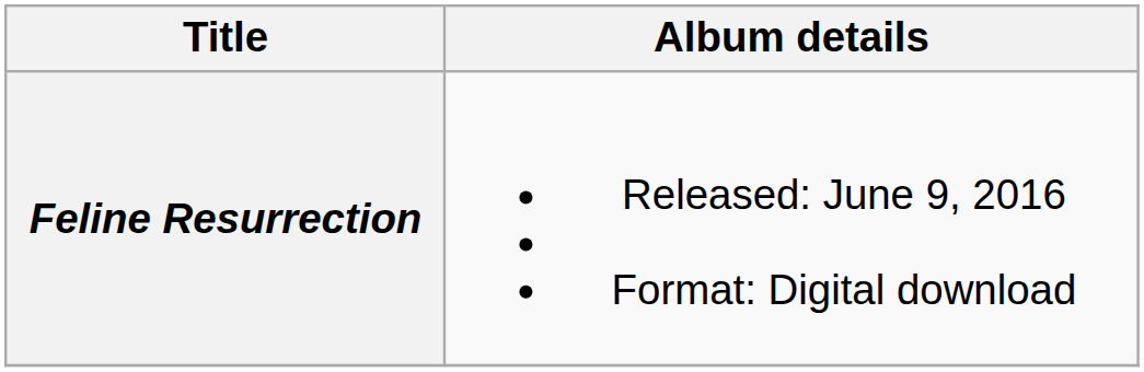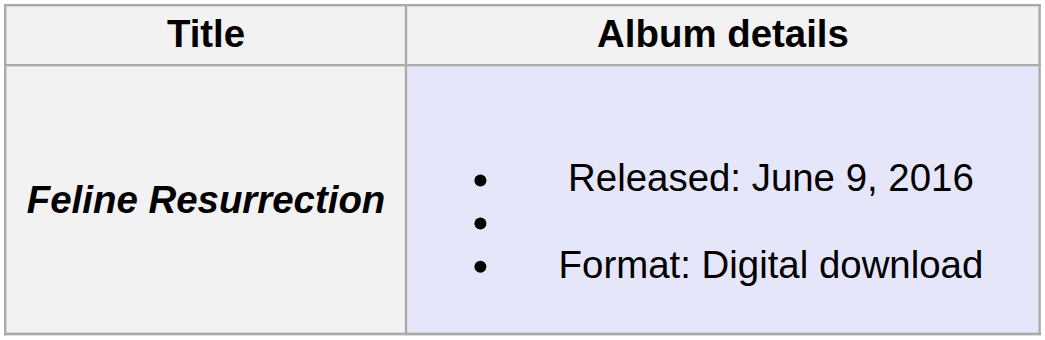 <table class="wikitable plainrowheaders" style="text-align:center;">
 <tr>
 <th scope="col" style="width:10em;">Title</th>
 <th scope="col" style="width:16em;">Album details</th>
 </tr>
 <tr>
 <th scope="row"><em>Feline Resurrection</em></th>
-<td><br><ul><li>Released: June 9, 2016</li><li></li><li>Format: Digital download</li></ul></td>
+<td style="background: lavender;"><br><ul><li>Released: June 9, 2016</li><li></li><li>Format: Digital download</li></ul></td>
 </tr>
 <tr>
 </tr>
 </table>
